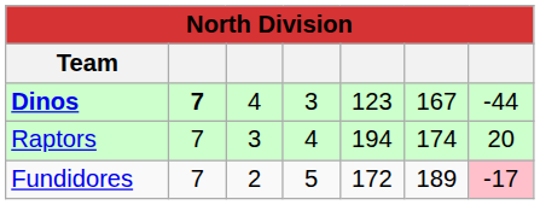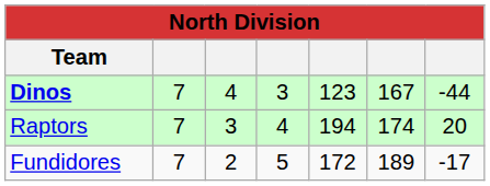 <table class="wikitable">
 <tr>
 <th colspan="11" style="background-color: #d63334;"><span>North Division</span></th>
 </tr>
 <tr>
 <th width=100>Team</th>
 <th width=30></th>
 <th width=30></th>
 <th width=30></th>
 <th width=35></th>
 <th width=35></th>
 <th width=35></th>
 </tr>
 <tr style="text-align:center;background:#ccffcc;">
 <td style="text-align:left;"><strong><a href='#'>Dinos</a></strong></td>
-<td><strong>7</strong></td>
+<td>7</td>
 <td>4</td>
 <td>3</td>
 <td>123</td>
 <td>167</td>
 <td>-44</td>
 </tr>
 <tr style="text-align:center;background:#ccffcc;">
 <td style="text-align:left;"><a href='#'>Raptors</a></td>
 <td>7</td>
 <td>3</td>
 <td>4</td>
 <td>194</td>
 <td>174</td>
 <td>20</td>
 </tr>
 <tr style="text-align:center;">
 <td style="text-align:left;"><a href='#'>Fundidores</a></td>
 <td>7</td>
 <td>2</td>
 <td>5</td>
 <td>172</td>
 <td>189</td>
-<td style="background: pink;">-17</td>
+<td>-17</td>
 </tr>
 </table>
